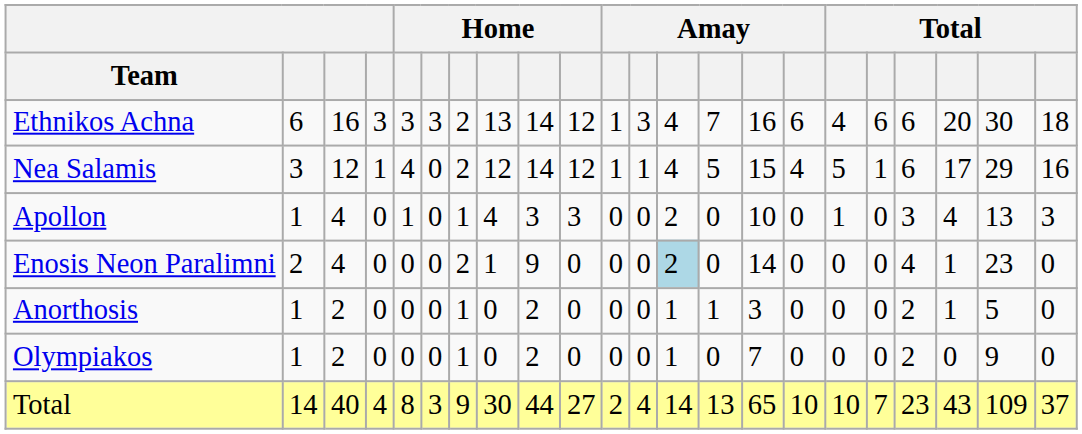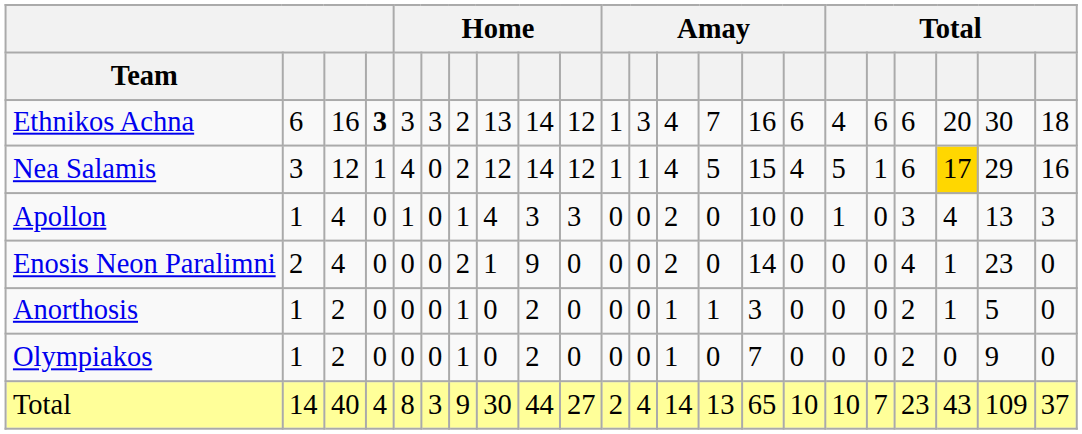 <table class="wikitable sortable" style="margin:1em auto; font-size:90%;">
 <tr>
 <th colspan=4></th>
 <th colspan=6>Home</th>
 <th colspan=6>Amay</th>
 <th colspan=6>Total</th>
 </tr>
 <tr>
 <th>Team</th>
 <th></th>
 <th></th>
 <th></th>
 <th></th>
 <th></th>
 <th></th>
 <th></th>
 <th></th>
 <th></th>
 <th></th>
 <th></th>
 <th></th>
 <th></th>
 <th></th>
 <th></th>
 <th></th>
 <th></th>
 <th></th>
 <th></th>
 <th></th>
 <th></th>
 </tr>
 <tr>
 <td><a href='#'>Ethnikos Achna</a></td>
 <td>6</td>
 <td>16</td>
-<td>3</td>
+<td><strong>3</strong></td>
 <td>3</td>
 <td>3</td>
 <td>2</td>
 <td>13</td>
 <td>14</td>
 <td>12</td>
 <td>1</td>
 <td>3</td>
 <td>4</td>
 <td>7</td>
 <td>16</td>
 <td>6</td>
 <td>4</td>
 <td>6</td>
 <td>6</td>
 <td>20</td>
 <td>30</td>
 <td>18</td>
 </tr>
 <tr>
 <td><a href='#'>Nea Salamis</a></td>
 <td>3</td>
 <td>12</td>
 <td>1</td>
 <td>4</td>
 <td>0</td>
 <td>2</td>
 <td>12</td>
 <td>14</td>
 <td>12</td>
 <td>1</td>
 <td>1</td>
 <td>4</td>
 <td>5</td>
 <td>15</td>
 <td>4</td>
 <td>5</td>
 <td>1</td>
 <td>6</td>
-<td>17</td>
+<td style="background: gold;">17</td>
 <td>29</td>
 <td>16</td>
 </tr>
 <tr>
 <td><a href='#'>Apollon</a></td>
 <td>1</td>
 <td>4</td>
 <td>0</td>
 <td>1</td>
 <td>0</td>
 <td>1</td>
 <td>4</td>
 <td>3</td>
 <td>3</td>
 <td>0</td>
 <td>0</td>
 <td>2</td>
 <td>0</td>
 <td>10</td>
 <td>0</td>
 <td>1</td>
 <td>0</td>
 <td>3</td>
 <td>4</td>
 <td>13</td>
 <td>3</td>
 </tr>
 <tr>
 <td><a href='#'>Enosis Neon Paralimni</a></td>
 <td>2</td>
 <td>4</td>
 <td>0</td>
 <td>0</td>
 <td>0</td>
 <td>2</td>
 <td>1</td>
 <td>9</td>
 <td>0</td>
 <td>0</td>
 <td>0</td>
-<td style="background: lightblue;">2</td>
+<td>2</td>
 <td>0</td>
 <td>14</td>
 <td>0</td>
 <td>0</td>
 <td>0</td>
 <td>4</td>
 <td>1</td>
 <td>23</td>
 <td>0</td>
 </tr>
 <tr>
 <td><a href='#'>Anorthosis</a></td>
 <td>1</td>
 <td>2</td>
 <td>0</td>
 <td>0</td>
 <td>0</td>
 <td>1</td>
 <td>0</td>
 <td>2</td>
 <td>0</td>
 <td>0</td>
 <td>0</td>
 <td>1</td>
 <td>1</td>
 <td>3</td>
 <td>0</td>
 <td>0</td>
 <td>0</td>
 <td>2</td>
 <td>1</td>
 <td>5</td>
 <td>0</td>
 </tr>
 <tr>
 <td><a href='#'>Olympiakos</a></td>
 <td>1</td>
 <td>2</td>
 <td>0</td>
 <td>0</td>
 <td>0</td>
 <td>1</td>
 <td>0</td>
 <td>2</td>
 <td>0</td>
 <td>0</td>
 <td>0</td>
 <td>1</td>
 <td>0</td>
 <td>7</td>
 <td>0</td>
 <td>0</td>
 <td>0</td>
 <td>2</td>
 <td>0</td>
 <td>9</td>
 <td>0</td>
 </tr>
 <tr style="background:#ff9;">
 <td>Total</td>
 <td>14</td>
 <td>40</td>
 <td>4</td>
 <td>8</td>
 <td>3</td>
 <td>9</td>
 <td>30</td>
 <td>44</td>
 <td>27</td>
 <td>2</td>
 <td>4</td>
 <td>14</td>
 <td>13</td>
 <td>65</td>
 <td>10</td>
 <td>10</td>
 <td>7</td>
 <td>23</td>
 <td>43</td>
 <td>109</td>
 <td>37</td>
 </tr>
 </table>
